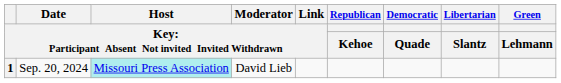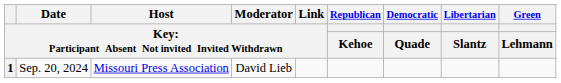 <table class="wikitable" style="text-align:center;">
 <tr>
 <th scope="col"></th>
 <th scope="col">Date</th>
 <th scope="col">Host</th>
 <th scope="col">Moderator</th>
 <th scope="col">Link</th>
 <th scope="col"><small><a href='#'>Republican</a></small></th>
 <th scope="col"><small><a href='#'>Democratic</a></small></th>
 <th scope="col"><small><a href='#'>Libertarian</a></small></th>
 <th scope="col"><small><a href='#'>Green</a></small></th>
 </tr>
 <tr>
 <th colspan="5" rowspan="2">Key:<br> <small>Participant </small>  <small>Absent </small>  <small>Not invited </small>  <small>Invited  Withdrawn</small></th>
 <th scope="col" style="background:"></th>
 <th scope="col" style="background:"></th>
 <th scope="col" style="background:"></th>
 <th scope="col" style="background:"></th>
 </tr>
 <tr>
 <th scope="col">Kehoe</th>
 <th scope="col">Quade</th>
 <th scope="col">Slantz</th>
 <th scope="col">Lehmann</th>
 </tr>
 <tr>
 <th>1</th>
 <td style="white-space:nowrap;">Sep. 20, 2024</td>
-<td style="background: paleturquoise; white-space:nowrap;"><a href='#'>Missouri Press Association</a></td>
+<td style="white-space:nowrap;"><a href='#'>Missouri Press Association</a></td>
 <td style="white-space:nowrap;">David Lieb</td>
 <td style="white-space:nowrap;"></td>
 <td></td>
 <td></td>
 <td></td>
 <td></td>
 </tr>
 </table>
